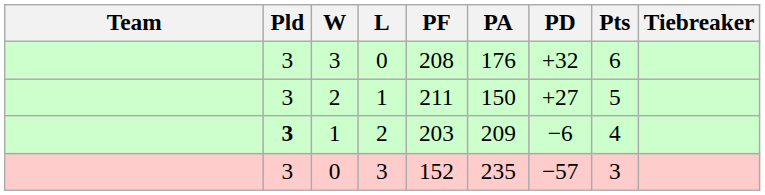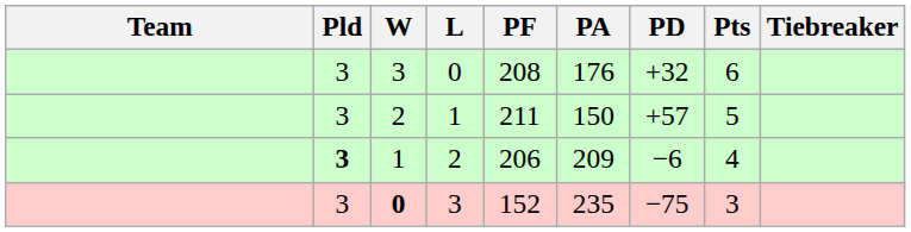 <table class="wikitable" style="text-align:center;">
 <tr>
 <th width=170>Team</th>
 <th width=25>Pld</th>
 <th width=25>W</th>
 <th width=25>L</th>
 <th width=35>PF</th>
 <th width=35>PA</th>
 <th width=35>PD</th>
 <th width=25>Pts</th>
 <th width=50>Tiebreaker</th>
 </tr>
 <tr bgcolor=ccffcc>
 <td align="left"></td>
 <td>3</td>
 <td>3</td>
 <td>0</td>
 <td>208</td>
 <td>176</td>
 <td>+32</td>
 <td>6</td>
 <td></td>
 </tr>
 <tr bgcolor=ccffcc>
 <td align="left"></td>
 <td>3</td>
 <td>2</td>
 <td>1</td>
 <td>211</td>
 <td>150</td>
-<td>+27</td>
+<td>+57</td>
 <td>5</td>
 <td></td>
 </tr>
 <tr bgcolor=ccffcc>
 <td align="left"></td>
 <td><strong>3</strong></td>
 <td>1</td>
 <td>2</td>
-<td>203</td>
+<td>206</td>
 <td>209</td>
 <td>−6</td>
 <td>4</td>
 <td></td>
 </tr>
 <tr bgcolor=ffcccc>
 <td align="left"></td>
 <td>3</td>
-<td>0</td>
+<td><strong>0</strong></td>
 <td>3</td>
 <td>152</td>
 <td>235</td>
-<td>−57</td>
+<td>−75</td>
 <td>3</td>
 <td></td>
 </tr>
 </table>
